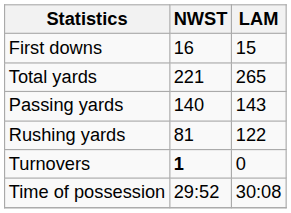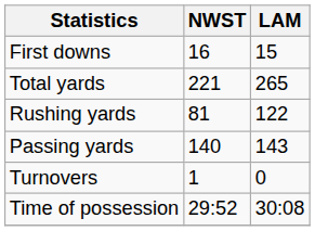 <table class="wikitable" style="float: left;">
 <tr>
 <th>Statistics</th>
 <th>NWST</th>
 <th>LAM</th>
 </tr>
 <tr>
 <td>First downs</td>
 <td>16</td>
 <td>15</td>
 </tr>
 <tr>
 <td>Total yards</td>
 <td>221</td>
 <td>265</td>
 </tr>
 <tr>
+<td>Rushing yards</td>
+<td>81</td>
+<td>122</td>
+</tr>
+<tr>
 <td>Passing yards</td>
 <td>140</td>
 <td>143</td>
 </tr>
 <tr>
-<td>Rushing yards</td>
-<td>81</td>
-<td>122</td>
-</tr>
-<tr>
 <td>Turnovers</td>
-<td><strong>1</strong></td>
+<td>1</td>
 <td>0</td>
 </tr>
 <tr>
 <td>Time of possession</td>
 <td>29:52</td>
 <td>30:08</td>
 </tr>
 <tr>
 </tr>
 </table>
